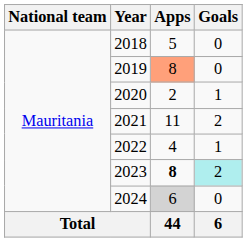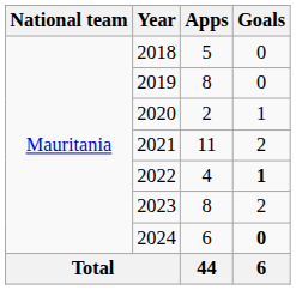 <table class="wikitable" style="text-align:center">
 <tr>
 <th>National team</th>
 <th>Year</th>
 <th>Apps</th>
 <th>Goals</th>
 </tr>
 <tr>
 <td rowspan="7"><a href='#'>Mauritania</a></td>
 <td>2018</td>
 <td>5</td>
 <td>0</td>
 </tr>
 <tr>
 <td>2019</td>
-<td style="background: lightsalmon;">8</td>
+<td>8</td>
 <td>0</td>
 </tr>
 <tr>
 <td>2020</td>
 <td>2</td>
 <td>1</td>
 </tr>
 <tr>
 <td>2021</td>
 <td>11</td>
 <td>2</td>
 </tr>
 <tr>
 <td>2022</td>
 <td>4</td>
-<td>1</td>
+<td><strong>1</strong></td>
 </tr>
 <tr>
 <td>2023</td>
-<td><strong>8</strong></td>
-<td style="background: paleturquoise;">2</td>
+<td>8</td>
+<td>2</td>
 </tr>
 <tr>
 <td>2024</td>
-<td style="background: lightgrey;">6</td>
-<td>0</td>
+<td>6</td>
+<td><strong>0</strong></td>
 </tr>
 <tr>
 <th colspan=2>Total</th>
 <th>44</th>
 <th>6</th>
 </tr>
 </table>
